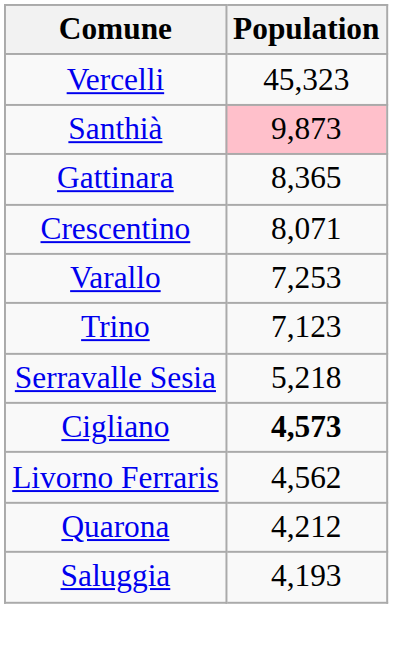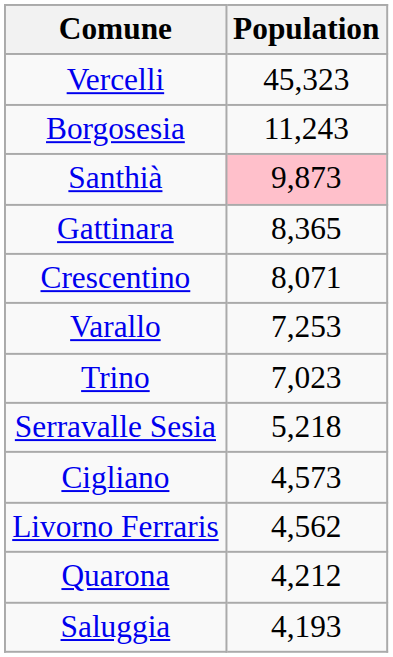 <table class="wikitable">
 <tr bgcolor="#EFEFEF">
 <th>Comune</th>
 <th>Population</th>
 </tr>
 <tr>
 <td align=center><a href='#'>Vercelli</a></td>
 <td align=center>45,323</td>
+</tr>
+<tr>
+<td align=center><a href='#'>Borgosesia</a></td>
+<td align=center>11,243</td>
 </tr>
 <tr>
 <td align=center><a href='#'>Santhià</a></td>
 <td align=center style="background: pink;">9,873</td>
 </tr>
 <tr>
 <td align=center><a href='#'>Gattinara</a></td>
 <td align=center>8,365</td>
 </tr>
 <tr>
 <td align=center><a href='#'>Crescentino</a></td>
 <td align=center>8,071</td>
 </tr>
 <tr>
 <td align=center><a href='#'>Varallo</a></td>
 <td align=center>7,253</td>
 </tr>
 <tr>
 <td align=center><a href='#'>Trino</a></td>
-<td align=center>7,123</td>
+<td align=center>7,023</td>
 </tr>
 <tr>
 <td align=center><a href='#'>Serravalle Sesia</a></td>
 <td align=center>5,218</td>
 </tr>
 <tr>
 <td align=center><a href='#'>Cigliano</a></td>
-<td align=center><strong>4,573</strong></td>
+<td align=center>4,573</td>
 </tr>
 <tr>
 <td align=center><a href='#'>Livorno Ferraris</a></td>
 <td align=center>4,562</td>
 </tr>
 <tr>
 <td align=center><a href='#'>Quarona</a></td>
 <td align=center>4,212</td>
 </tr>
 <tr>
 <td align=center><a href='#'>Saluggia</a></td>
 <td align=center>4,193</td>
 </tr>
 </table>
